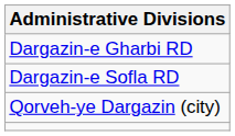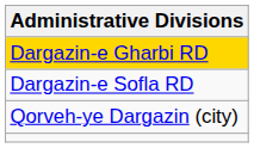 <table class="wikitable">
 <tr>
 <th>Administrative Divisions</th>
 </tr>
 <tr>
-<td><a href='#'>Dargazin-e Gharbi RD</a></td>
+<td style="background: gold;"><a href='#'>Dargazin-e Gharbi RD</a></td>
 </tr>
 <tr>
 <td><a href='#'>Dargazin-e Sofla RD</a></td>
 </tr>
 <tr>
 <td><a href='#'>Qorveh-ye Dargazin</a> (city)</td>
 </tr>
 <tr>
 <td colspan=1></td>
 </tr>
 </table>
